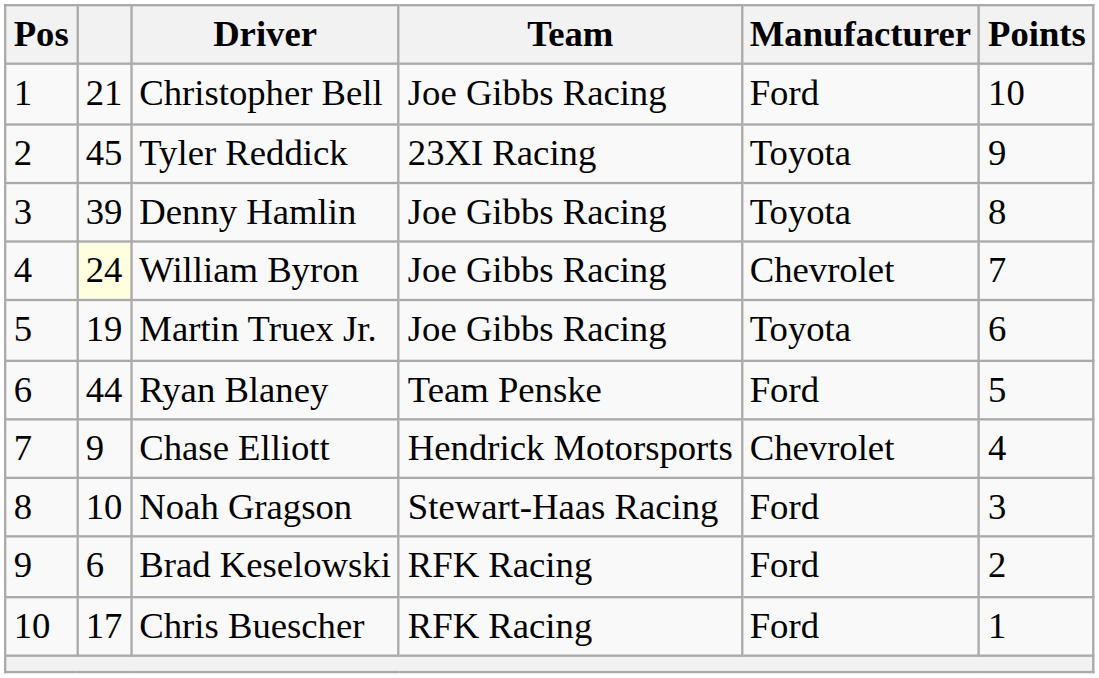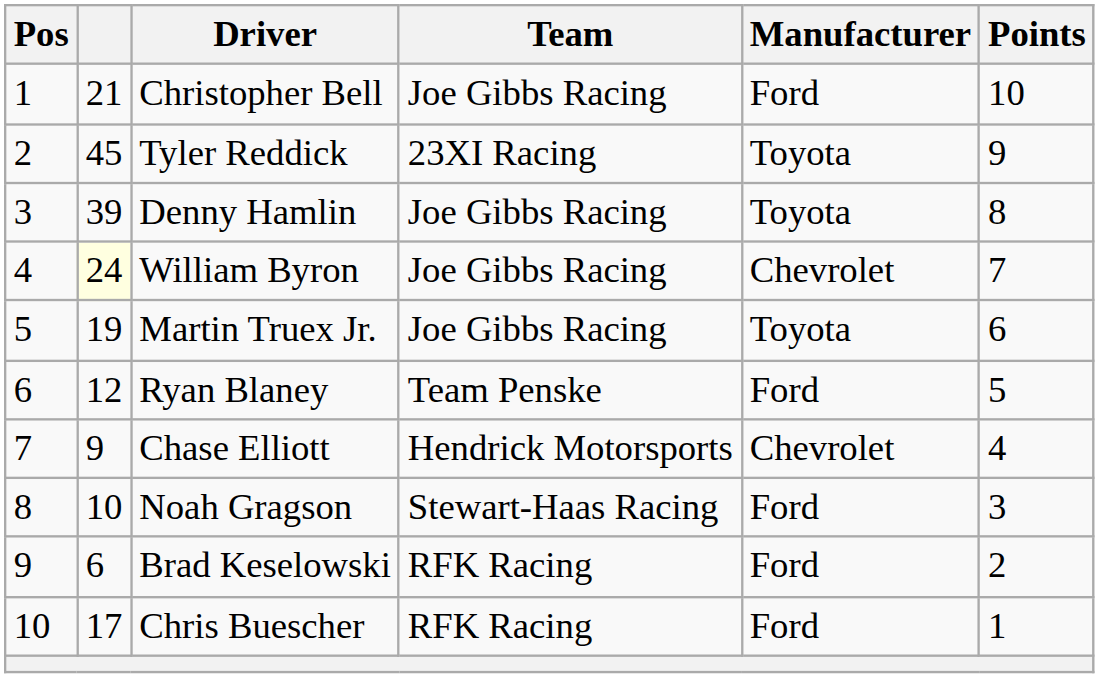 <table class="wikitable" style="font-size:98%">
 <tr>
 <th>Pos</th>
 <th></th>
 <th>Driver</th>
 <th>Team</th>
 <th>Manufacturer</th>
 <th>Points</th>
 </tr>
 <tr>
 <td>1</td>
 <td>21</td>
 <td>Christopher Bell</td>
 <td>Joe Gibbs Racing</td>
 <td>Ford</td>
 <td>10</td>
 </tr>
 <tr>
 <td>2</td>
 <td>45</td>
 <td>Tyler Reddick</td>
 <td>23XI Racing</td>
 <td>Toyota</td>
 <td>9</td>
 </tr>
 <tr>
 <td>3</td>
 <td>39</td>
 <td>Denny Hamlin</td>
 <td>Joe Gibbs Racing</td>
 <td>Toyota</td>
 <td>8</td>
 </tr>
 <tr>
 <td>4</td>
 <td style="background: lightyellow;">24</td>
 <td>William Byron</td>
 <td>Joe Gibbs Racing</td>
 <td>Chevrolet</td>
 <td>7</td>
 </tr>
 <tr>
 <td>5</td>
 <td>19</td>
 <td>Martin Truex Jr.</td>
 <td>Joe Gibbs Racing</td>
 <td>Toyota</td>
 <td>6</td>
 </tr>
 <tr>
 <td>6</td>
-<td>44</td>
+<td>12</td>
 <td>Ryan Blaney</td>
 <td>Team Penske</td>
 <td>Ford</td>
 <td>5</td>
 </tr>
 <tr>
 <td>7</td>
 <td>9</td>
 <td>Chase Elliott</td>
 <td>Hendrick Motorsports</td>
 <td>Chevrolet</td>
 <td>4</td>
 </tr>
 <tr>
 <td>8</td>
 <td>10</td>
 <td>Noah Gragson</td>
 <td>Stewart-Haas Racing</td>
 <td>Ford</td>
 <td>3</td>
 </tr>
 <tr>
 <td>9</td>
 <td>6</td>
 <td>Brad Keselowski</td>
 <td>RFK Racing</td>
 <td>Ford</td>
 <td>2</td>
 </tr>
 <tr>
 <td>10</td>
 <td>17</td>
 <td>Chris Buescher</td>
 <td>RFK Racing</td>
 <td>Ford</td>
 <td>1</td>
 </tr>
 <tr>
 <th colspan="6"></th>
 </tr>
 </table>
